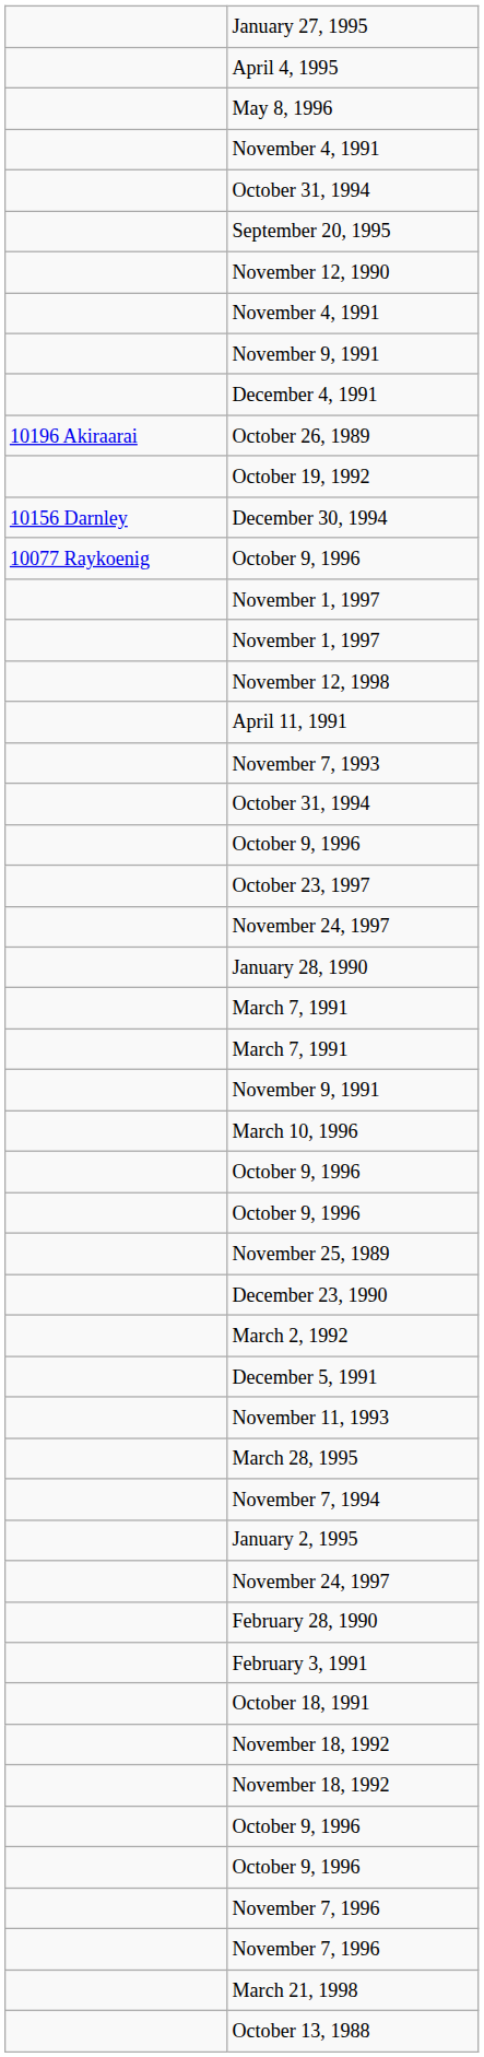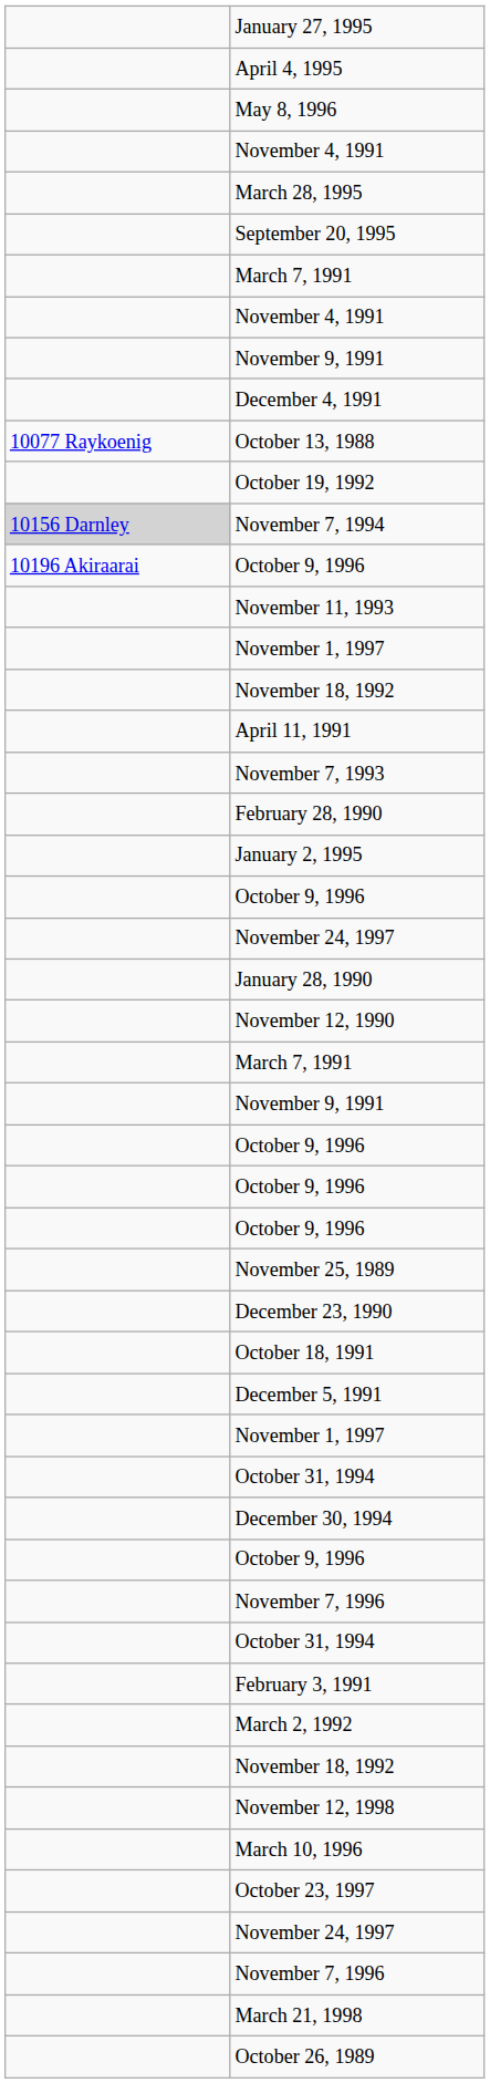 <table class="wikitable" style="font-size: 89%; float: left; width: 24em; margin-right: 1em; line-height: 1.6em !important;  height: 1250px;">
 <tr>
 <td></td>
 <td>January 27, 1995</td>
 </tr>
 <tr>
 <td></td>
 <td>April 4, 1995</td>
 </tr>
 <tr>
 <td></td>
 <td>May 8, 1996</td>
 </tr>
 <tr>
 <td></td>
 <td>November 4, 1991</td>
 </tr>
 <tr>
 <td></td>
-<td>October 31, 1994</td>
+<td>March 28, 1995</td>
 </tr>
 <tr>
 <td></td>
 <td>September 20, 1995</td>
 </tr>
 <tr>
 <td></td>
-<td>November 12, 1990</td>
+<td>March 7, 1991</td>
 </tr>
 <tr>
 <td></td>
 <td>November 4, 1991</td>
 </tr>
 <tr>
 <td></td>
 <td>November 9, 1991</td>
 </tr>
 <tr>
 <td></td>
 <td>December 4, 1991</td>
 </tr>
 <tr>
-<td><a href='#'>10196 Akiraarai</a></td>
-<td>October 26, 1989</td>
+<td><a href='#'>10077 Raykoenig</a></td>
+<td>October 13, 1988</td>
 </tr>
 <tr>
 <td></td>
 <td>October 19, 1992</td>
 </tr>
 <tr>
-<td><a href='#'>10156 Darnley</a></td>
-<td>December 30, 1994</td>
+<td style="background: lightgrey;"><a href='#'>10156 Darnley</a></td>
+<td>November 7, 1994</td>
 </tr>
 <tr>
-<td><a href='#'>10077 Raykoenig</a></td>
+<td><a href='#'>10196 Akiraarai</a></td>
 <td>October 9, 1996</td>
+</tr>
+<tr>
+<td></td>
+<td>November 11, 1993</td>
 </tr>
 <tr>
 <td></td>
 <td>November 1, 1997</td>
 </tr>
 <tr>
 <td></td>
-<td>November 1, 1997</td>
-</tr>
-<tr>
-<td></td>
-<td>November 12, 1998</td>
+<td>November 18, 1992</td>
 </tr>
 <tr>
 <td></td>
 <td>April 11, 1991</td>
 </tr>
 <tr>
 <td></td>
 <td>November 7, 1993</td>
 </tr>
 <tr>
 <td></td>
-<td>October 31, 1994</td>
+<td>February 28, 1990</td>
+</tr>
+<tr>
+<td></td>
+<td>January 2, 1995</td>
 </tr>
 <tr>
 <td></td>
 <td>October 9, 1996</td>
-</tr>
-<tr>
-<td></td>
-<td>October 23, 1997</td>
 </tr>
 <tr>
 <td></td>
 <td>November 24, 1997</td>
 </tr>
 <tr>
 <td></td>
 <td>January 28, 1990</td>
 </tr>
 <tr>
 <td></td>
-<td>March 7, 1991</td>
+<td>November 12, 1990</td>
 </tr>
 <tr>
 <td></td>
 <td>March 7, 1991</td>
 </tr>
 <tr>
 <td></td>
 <td>November 9, 1991</td>
 </tr>
 <tr>
 <td></td>
-<td>March 10, 1996</td>
+<td>October 9, 1996</td>
 </tr>
 <tr>
 <td></td>
 <td>October 9, 1996</td>
 </tr>
 <tr>
 <td></td>
 <td>October 9, 1996</td>
 </tr>
 <tr>
 <td></td>
 <td>November 25, 1989</td>
 </tr>
 <tr>
 <td></td>
 <td>December 23, 1990</td>
 </tr>
 <tr>
 <td></td>
-<td>March 2, 1992</td>
+<td>October 18, 1991</td>
 </tr>
 <tr>
 <td></td>
 <td>December 5, 1991</td>
 </tr>
 <tr>
 <td></td>
-<td>November 11, 1993</td>
+<td>November 1, 1997</td>
 </tr>
 <tr>
 <td></td>
-<td>March 28, 1995</td>
+<td>October 31, 1994</td>
 </tr>
 <tr>
 <td></td>
-<td>November 7, 1994</td>
-</tr>
-<tr>
-<td></td>
-<td>January 2, 1995</td>
-</tr>
-<tr>
-<td></td>
-<td>November 24, 1997</td>
-</tr>
-<tr>
-<td></td>
-<td>February 28, 1990</td>
-</tr>
-<tr>
-<td></td>
-<td>February 3, 1991</td>
-</tr>
-<tr>
-<td></td>
-<td>October 18, 1991</td>
-</tr>
-<tr>
-<td></td>
-<td>November 18, 1992</td>
-</tr>
-<tr>
-<td></td>
-<td>November 18, 1992</td>
-</tr>
-<tr>
-<td></td>
-<td>October 9, 1996</td>
+<td>December 30, 1994</td>
 </tr>
 <tr>
 <td></td>
 <td>October 9, 1996</td>
 </tr>
 <tr>
 <td></td>
 <td>November 7, 1996</td>
 </tr>
 <tr>
 <td></td>
+<td>October 31, 1994</td>
+</tr>
+<tr>
+<td></td>
+<td>February 3, 1991</td>
+</tr>
+<tr>
+<td></td>
+<td>March 2, 1992</td>
+</tr>
+<tr>
+<td></td>
+<td>November 18, 1992</td>
+</tr>
+<tr>
+<td></td>
+<td>November 12, 1998</td>
+</tr>
+<tr>
+<td></td>
+<td>March 10, 1996</td>
+</tr>
+<tr>
+<td></td>
+<td>October 23, 1997</td>
+</tr>
+<tr>
+<td></td>
+<td>November 24, 1997</td>
+</tr>
+<tr>
+<td></td>
 <td>November 7, 1996</td>
 </tr>
 <tr>
 <td></td>
 <td>March 21, 1998</td>
 </tr>
 <tr>
 <td></td>
-<td>October 13, 1988</td>
+<td>October 26, 1989</td>
 </tr>
 </table>
